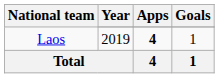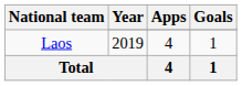 <table class="wikitable" style="text-align:center">
 <tr>
 <th>National team</th>
 <th>Year</th>
 <th>Apps</th>
 <th>Goals</th>
 </tr>
 <tr>
 <td rowspan="2"><a href='#'>Laos</a></td>
 </tr>
 <tr>
 <td>2019</td>
-<td><strong>4</strong></td>
+<td>4</td>
 <td>1</td>
 </tr>
 <tr>
 <th colspan=2>Total</th>
 <th>4</th>
 <th>1</th>
 </tr>
 </table>
